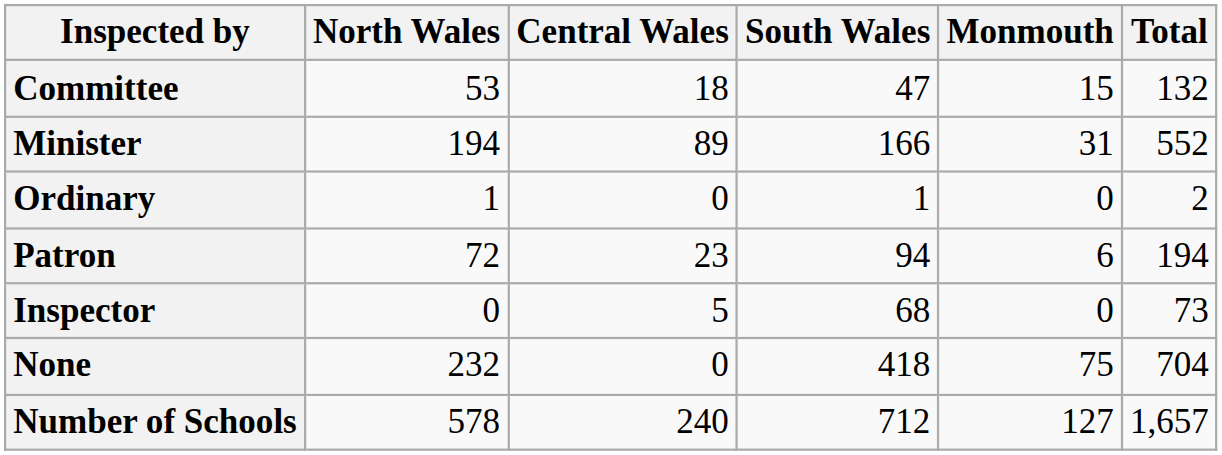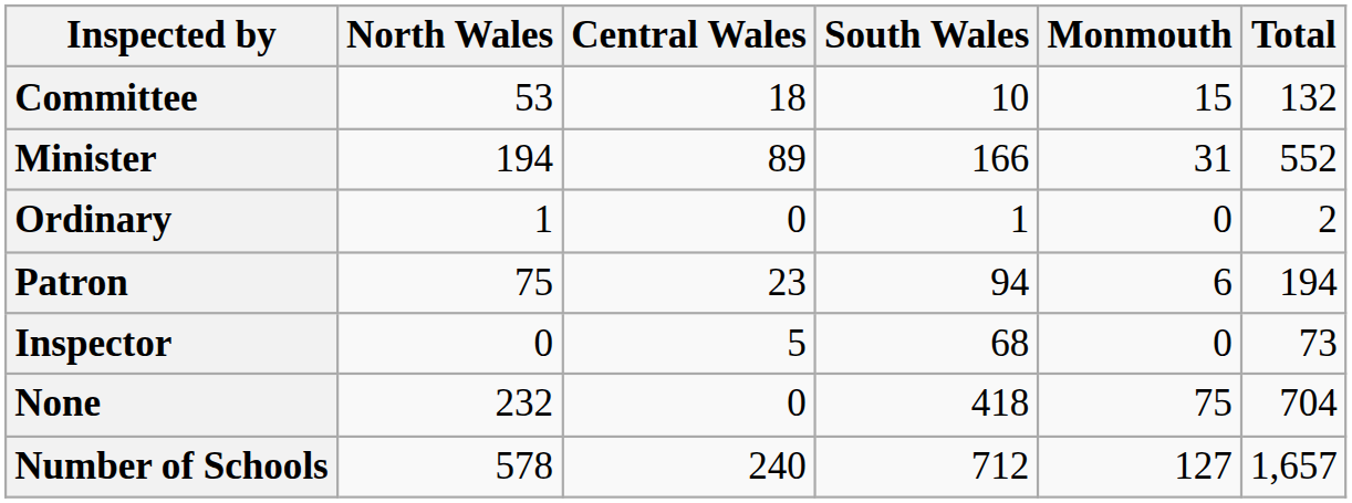 <table class="wikitable">
 <tr>
 <th scope="col">Inspected by</th>
 <th scope="col">North Wales</th>
 <th scope="col">Central Wales</th>
 <th scope="col">South Wales</th>
 <th scope="col">Monmouth</th>
 <th scope="col">Total</th>
 </tr>
 <tr>
 <th scope="row" style="text-align:left;">Committee</th>
 <td style="text-align:right;">53</td>
 <td style="text-align:right;">18</td>
-<td style="text-align:right;">47</td>
+<td style="text-align:right;">10</td>
 <td style="text-align:right;">15</td>
 <td style="text-align:right;">132</td>
 </tr>
 <tr>
 <th scope="row" style="text-align:left;">Minister</th>
 <td style="text-align:right;">194</td>
 <td style="text-align:right;">89</td>
 <td style="text-align:right;">166</td>
 <td style="text-align:right;">31</td>
 <td style="text-align:right;">552</td>
 </tr>
 <tr>
 <th scope="row" style="text-align:left;">Ordinary</th>
 <td style="text-align:right;">1</td>
 <td style="text-align:right;">0</td>
 <td style="text-align:right;">1</td>
 <td style="text-align:right;">0</td>
 <td style="text-align:right;">2</td>
 </tr>
 <tr>
 <th scope="row" style="text-align:left;">Patron</th>
-<td style="text-align:right;">72</td>
+<td style="text-align:right;">75</td>
 <td style="text-align:right;">23</td>
 <td style="text-align:right;">94</td>
 <td style="text-align:right;">6</td>
 <td style="text-align:right;">194</td>
 </tr>
 <tr>
 <th scope="row" style="text-align:left;">Inspector</th>
 <td style="text-align:right;">0</td>
 <td style="text-align:right;">5</td>
 <td style="text-align:right;">68</td>
 <td style="text-align:right;">0</td>
 <td style="text-align:right;">73</td>
 </tr>
 <tr>
 <th scope="row" style="text-align:left;">None</th>
 <td style="text-align:right;">232</td>
 <td style="text-align:right;">0</td>
 <td style="text-align:right;">418</td>
 <td style="text-align:right;">75</td>
 <td style="text-align:right;">704</td>
 </tr>
 <tr>
 <th scope="row" style="text-align:left;">Number of Schools</th>
 <td style="text-align:right;">578</td>
 <td style="text-align:right;">240</td>
 <td style="text-align:right;">712</td>
 <td style="text-align:right;">127</td>
 <td style="text-align:right;">1,657</td>
 </tr>
 </table>
